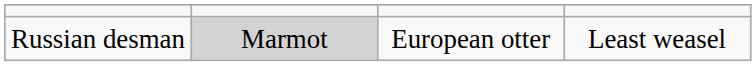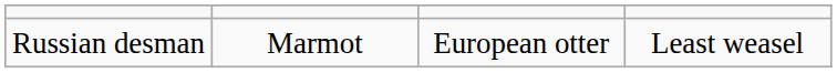 <table Class = "wikitable" style = "text-align: center">
 <tr>
 <td Width = "25%"></td>
 <td Width = "25%"></td>
 <td Width = "25%"></td>
 <td Width = "25%"></td>
 </tr>
 <tr>
 <td>Russian desman</td>
-<td style="background: lightgrey;">Marmot</td>
+<td>Marmot</td>
 <td>European otter</td>
 <td>Least weasel</td>
 </tr>
 </table>
